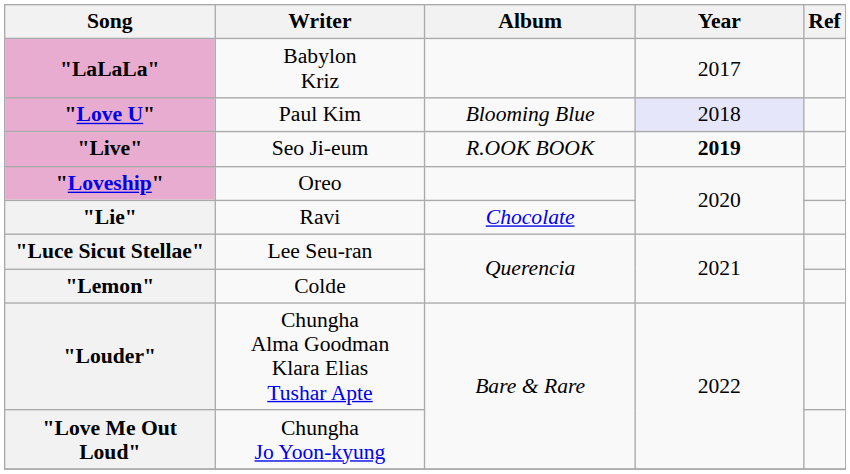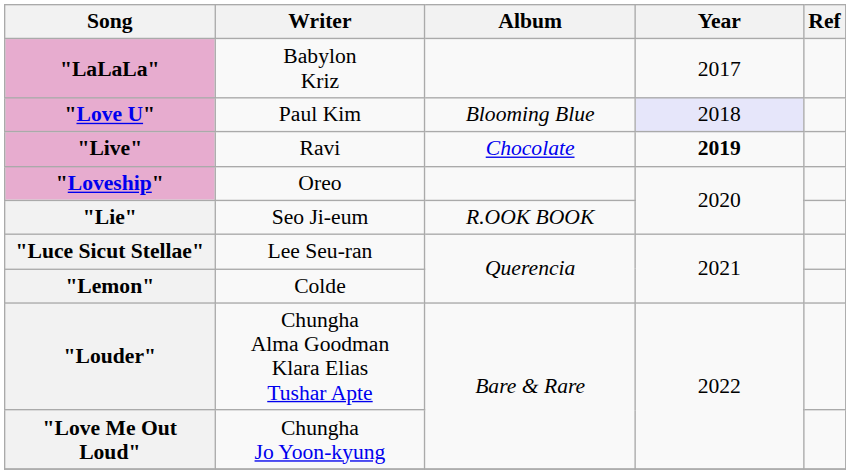 <table class="wikitable" style="text-align:center; width:100%">
 <tr>
 <th style="width:25%">Song</th>
 <th style="width:25%">Writer</th>
 <th style="width:25%">Album</th>
 <th style="width:20%">Year</th>
 <th style="width:5%">Ref</th>
 </tr>
 <tr>
 <th scope="row" style="background-color:#E7ACCF">"LaLaLa"<br> </th>
 <td>Babylon<br>Kriz</td>
 <td></td>
 <td>2017</td>
 <td></td>
 </tr>
 <tr>
 <th scope="row" style="background-color:#E7ACCF">"<a href='#'>Love U</a>" </th>
 <td>Paul Kim</td>
 <td><em>Blooming Blue</em></td>
 <td style="background: lavender;">2018</td>
 <td></td>
 </tr>
 <tr>
 <th scope="row" style="background-color:#E7ACCF">"Live"<br> </th>
-<td>Seo Ji-eum</td>
-<td><em>R.OOK BOOK</em></td>
+<td>Ravi</td>
+<td><em><a href='#'>Chocolate</a></em></td>
 <td><strong>2019</strong></td>
 <td></td>
 </tr>
 <tr>
 <th scope="row" style="background-color:#E7ACCF">"<a href='#'>Loveship</a>"<br> </th>
 <td>Oreo</td>
 <td></td>
 <td rowspan="2">2020</td>
 <td></td>
 </tr>
 <tr>
 <th scope="row">"Lie"<br></th>
-<td>Ravi</td>
-<td><em><a href='#'>Chocolate</a></em></td>
+<td>Seo Ji-eum</td>
+<td><em>R.OOK BOOK</em></td>
 <td></td>
 </tr>
 <tr>
 <th scope="row">"Luce Sicut Stellae"</th>
 <td>Lee Seu-ran</td>
 <td rowspan="2"><em>Querencia</em></td>
 <td rowspan="2">2021</td>
 <td></td>
 </tr>
 <tr>
 <th scope="row">"Lemon" </th>
 <td>Colde</td>
 <td></td>
 </tr>
 <tr>
 <th scope="row">"Louder"</th>
 <td>Chungha<br>Alma Goodman<br>Klara Elias<br><a href='#'>Tushar Apte</a></td>
 <td rowspan="2"><em>Bare & Rare</em></td>
 <td rowspan="2">2022</td>
 <td></td>
 </tr>
 <tr>
 <th scope="row">"Love Me Out Loud"</th>
 <td>Chungha<br><a href='#'>Jo Yoon-kyung</a></td>
 <td></td>
 </tr>
 <tr>
 </tr>
 </table>
